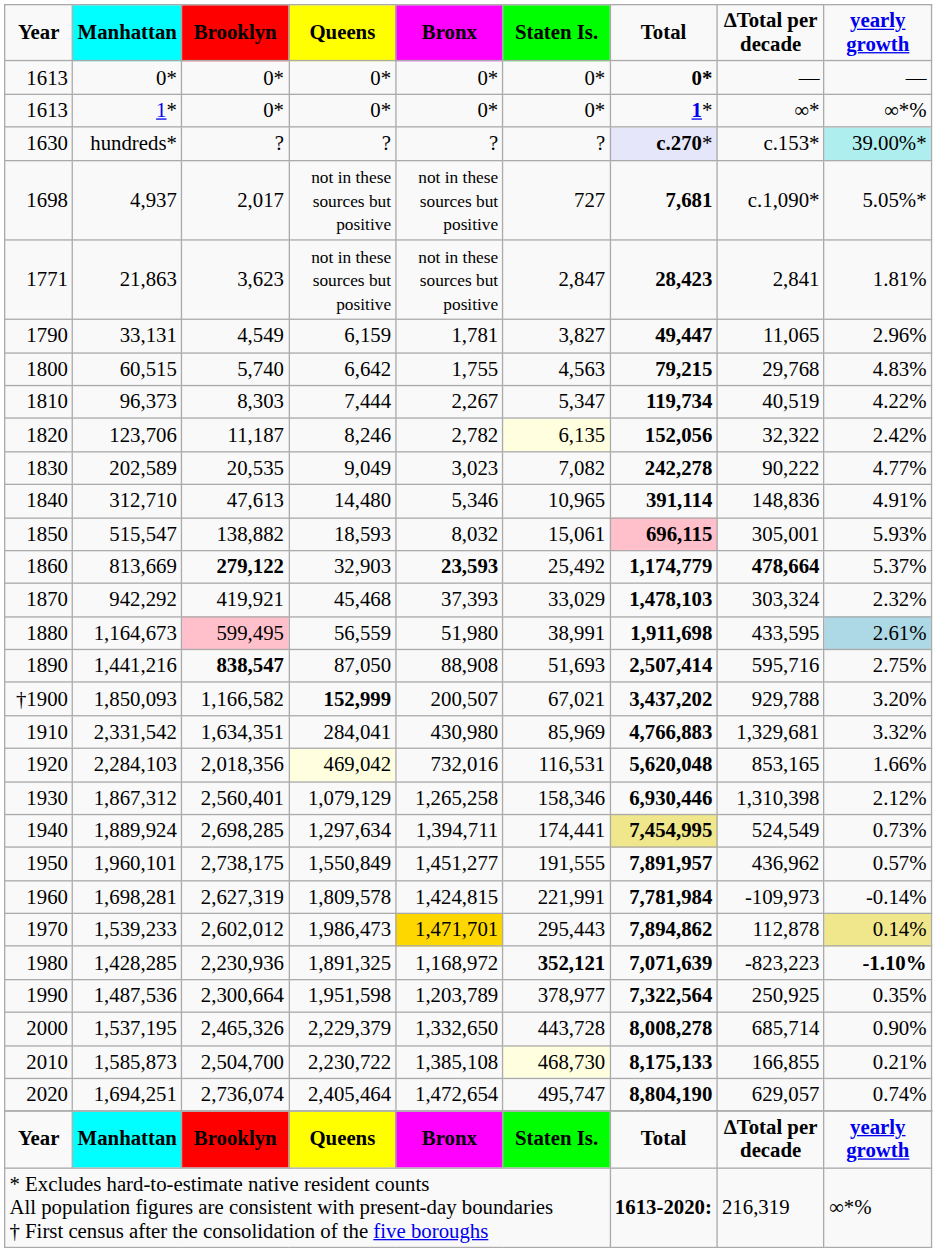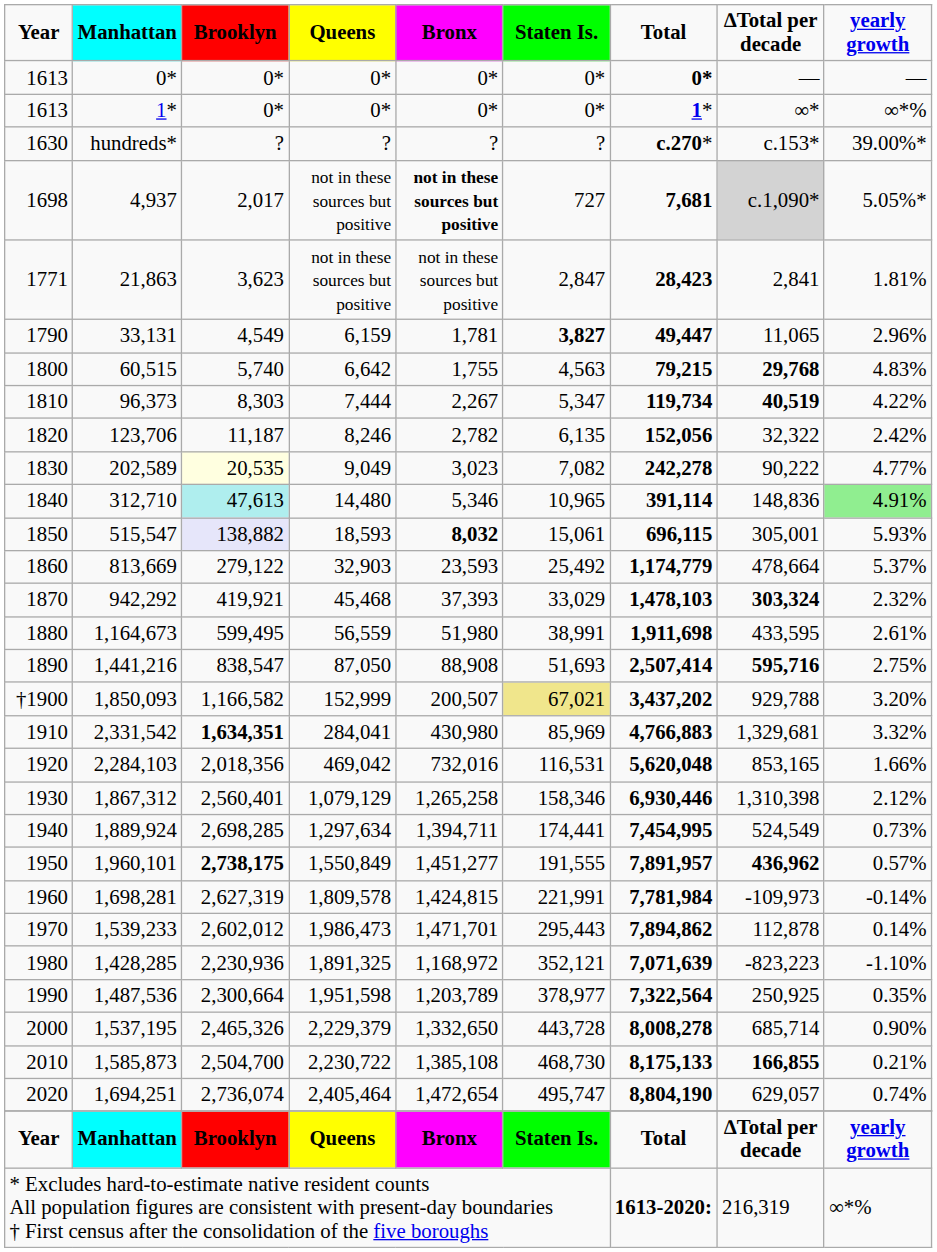 <table class="wikitable">
 <tr style="text-align:center;">
 <td style="width:45px"><strong>Year</strong></td>
 <td style="width:75px; background:aqua"><strong>Manhattan</strong></td>
 <td style="width:75px; background:red"><strong>Brooklyn</strong></td>
 <td style="width:75px; background:yellow"><strong>Queens</strong><small></small></td>
 <td style="width:75px; background:magenta"><strong>Bronx</strong><small></small></td>
 <td style="width:75px; background:lime"><strong>Staten Is.</strong></td>
 <td style="width:75px;"><strong>Total</strong></td>
 <td style="width:75px"><strong>∆Total per decade</strong></td>
 <td style="width:75px"><strong><a href='#'>yearly</a> <a href='#'>growth</a></strong></td>
 </tr>
 <tr style="text-align:right;">
 <td>1613</td>
 <td>0*</td>
 <td>0*</td>
 <td>0*</td>
 <td>0*</td>
 <td>0*</td>
 <td><strong>0*</strong></td>
 <td>—</td>
 <td>—</td>
 </tr>
 <tr style="text-align:right;">
 <td>1613</td>
 <td><a href='#'>1</a>*</td>
 <td>0*</td>
 <td>0*</td>
 <td>0*</td>
 <td>0*</td>
 <td><strong><a href='#'>1</a></strong>*</td>
 <td>∞*</td>
 <td>∞*%</td>
 </tr>
 <tr style="text-align:right;">
 <td>1630</td>
 <td>hundreds*</td>
 <td>?</td>
 <td>?</td>
 <td>?</td>
 <td>?</td>
-<td style="background: lavender;"><strong>c.270</strong>*</td>
+<td><strong>c.270</strong>*</td>
 <td>c.153*</td>
-<td style="background: paleturquoise;">39.00%*</td>
+<td>39.00%*</td>
 </tr>
 <tr style="text-align:right;">
 <td>1698</td>
 <td>4,937</td>
 <td>2,017</td>
 <td><small>not in these sources but positive</small></td>
-<td><small>not in these sources but positive</small></td>
+<td><strong><small>not in these sources but positive</small></strong></td>
 <td>727</td>
 <td><strong>7,681</strong></td>
-<td>c.1,090*</td>
+<td style="background: lightgrey;">c.1,090*</td>
 <td>5.05%*</td>
 </tr>
 <tr style="text-align:right;">
 <td>1771</td>
 <td>21,863</td>
 <td>3,623</td>
 <td><small>not in these sources but positive</small></td>
 <td><small>not in these sources but positive</small></td>
 <td>2,847</td>
 <td><strong>28,423</strong></td>
 <td>2,841</td>
 <td>1.81%</td>
 </tr>
 <tr style="text-align:right;">
 <td>1790</td>
 <td>33,131</td>
 <td>4,549</td>
 <td>6,159</td>
 <td>1,781</td>
-<td>3,827</td>
+<td><strong>3,827</strong></td>
 <td><strong>49,447</strong></td>
 <td>11,065</td>
 <td>2.96%</td>
 </tr>
 <tr style="text-align:right;">
 <td>1800</td>
 <td>60,515</td>
 <td>5,740</td>
 <td>6,642</td>
 <td>1,755</td>
 <td>4,563</td>
 <td><strong>79,215</strong></td>
-<td>29,768</td>
+<td><strong>29,768</strong></td>
 <td>4.83%</td>
 </tr>
 <tr style="text-align:right;">
 <td>1810</td>
 <td>96,373</td>
 <td>8,303</td>
 <td>7,444</td>
 <td>2,267</td>
 <td>5,347</td>
 <td><strong>119,734</strong></td>
-<td>40,519</td>
+<td><strong>40,519</strong></td>
 <td>4.22%</td>
 </tr>
 <tr style="text-align:right;">
 <td>1820</td>
 <td>123,706</td>
 <td>11,187</td>
 <td>8,246</td>
 <td>2,782</td>
-<td style="background: lightyellow;">6,135</td>
+<td>6,135</td>
 <td><strong>152,056</strong></td>
 <td>32,322</td>
 <td>2.42%</td>
 </tr>
 <tr style="text-align:right;">
 <td>1830</td>
 <td>202,589</td>
-<td>20,535</td>
+<td style="background: lightyellow;">20,535</td>
 <td>9,049</td>
 <td>3,023</td>
 <td>7,082</td>
 <td><strong>242,278</strong></td>
 <td>90,222</td>
 <td>4.77%</td>
 </tr>
 <tr style="text-align:right;">
 <td>1840</td>
 <td>312,710</td>
-<td>47,613</td>
+<td style="background: paleturquoise;">47,613</td>
 <td>14,480</td>
 <td>5,346</td>
 <td>10,965</td>
 <td><strong>391,114</strong></td>
 <td>148,836</td>
-<td>4.91%</td>
+<td style="background: lightgreen;">4.91%</td>
 </tr>
 <tr style="text-align:right;">
 <td>1850</td>
 <td>515,547</td>
-<td>138,882</td>
+<td style="background: lavender;">138,882</td>
 <td>18,593</td>
-<td>8,032</td>
+<td><strong>8,032</strong></td>
 <td>15,061</td>
-<td style="background: pink;"><strong>696,115</strong></td>
+<td><strong>696,115</strong></td>
 <td>305,001</td>
 <td>5.93%</td>
 </tr>
 <tr style="text-align:right;">
 <td>1860</td>
 <td>813,669</td>
-<td><strong>279,122</strong></td>
+<td>279,122</td>
 <td>32,903</td>
-<td><strong>23,593</strong></td>
+<td>23,593</td>
 <td>25,492</td>
 <td><strong>1,174,779</strong></td>
-<td><strong>478,664</strong></td>
+<td>478,664</td>
 <td>5.37%</td>
 </tr>
 <tr style="text-align:right;">
 <td>1870</td>
 <td>942,292</td>
 <td>419,921</td>
 <td>45,468</td>
 <td>37,393</td>
 <td>33,029</td>
 <td><strong>1,478,103</strong></td>
-<td>303,324</td>
+<td><strong>303,324</strong></td>
 <td>2.32%</td>
 </tr>
 <tr style="text-align:right;">
 <td>1880</td>
 <td>1,164,673</td>
-<td style="background: pink;">599,495</td>
+<td>599,495</td>
 <td>56,559</td>
 <td>51,980</td>
 <td>38,991</td>
 <td><strong>1,911,698</strong></td>
 <td>433,595</td>
-<td style="background: lightblue;">2.61%</td>
+<td>2.61%</td>
 </tr>
 <tr style="text-align:right;">
 <td>1890</td>
 <td>1,441,216</td>
-<td><strong>838,547</strong></td>
+<td>838,547</td>
 <td>87,050</td>
 <td>88,908</td>
 <td>51,693</td>
 <td><strong>2,507,414</strong></td>
-<td>595,716</td>
+<td><strong>595,716</strong></td>
 <td>2.75%</td>
 </tr>
 <tr style="text-align:right;">
 <td>†1900</td>
 <td>1,850,093</td>
 <td>1,166,582</td>
-<td><strong>152,999</strong></td>
+<td>152,999</td>
 <td>200,507</td>
-<td>67,021</td>
+<td style="background: khaki;">67,021</td>
 <td><strong>3,437,202</strong></td>
 <td>929,788</td>
 <td>3.20%</td>
 </tr>
 <tr style="text-align:right;">
 <td>1910</td>
 <td>2,331,542</td>
-<td>1,634,351</td>
+<td><strong>1,634,351</strong></td>
 <td>284,041</td>
 <td>430,980</td>
 <td>85,969</td>
 <td><strong>4,766,883</strong></td>
 <td>1,329,681</td>
 <td>3.32%</td>
 </tr>
 <tr style="text-align:right;">
 <td>1920</td>
 <td>2,284,103</td>
 <td>2,018,356</td>
-<td style="background: lightyellow;">469,042</td>
+<td>469,042</td>
 <td>732,016</td>
 <td>116,531</td>
 <td><strong>5,620,048</strong></td>
 <td>853,165</td>
 <td>1.66%</td>
 </tr>
 <tr style="text-align:right;">
 <td>1930</td>
 <td>1,867,312</td>
 <td>2,560,401</td>
 <td>1,079,129</td>
 <td>1,265,258</td>
 <td>158,346</td>
 <td><strong>6,930,446</strong></td>
 <td>1,310,398</td>
 <td>2.12%</td>
 </tr>
 <tr style="text-align:right;">
 <td>1940</td>
 <td>1,889,924</td>
 <td>2,698,285</td>
 <td>1,297,634</td>
 <td>1,394,711</td>
 <td>174,441</td>
-<td style="background: khaki;"><strong>7,454,995</strong></td>
+<td><strong>7,454,995</strong></td>
 <td>524,549</td>
 <td>0.73%</td>
 </tr>
 <tr style="text-align:right;">
 <td>1950</td>
 <td>1,960,101</td>
-<td>2,738,175</td>
+<td><strong>2,738,175</strong></td>
 <td>1,550,849</td>
 <td>1,451,277</td>
 <td>191,555</td>
 <td><strong>7,891,957</strong></td>
-<td>436,962</td>
+<td><strong>436,962</strong></td>
 <td>0.57%</td>
 </tr>
 <tr style="text-align:right;">
 <td>1960</td>
 <td>1,698,281</td>
 <td>2,627,319</td>
 <td>1,809,578</td>
 <td>1,424,815</td>
 <td>221,991</td>
 <td><strong>7,781,984</strong></td>
 <td>-109,973</td>
 <td>-0.14%</td>
 </tr>
 <tr style="text-align:right;">
 <td>1970</td>
 <td>1,539,233</td>
 <td>2,602,012</td>
 <td>1,986,473</td>
-<td style="background: gold;">1,471,701</td>
+<td>1,471,701</td>
 <td>295,443</td>
 <td><strong>7,894,862</strong></td>
 <td>112,878</td>
-<td style="background: khaki;">0.14%</td>
+<td>0.14%</td>
 </tr>
 <tr style="text-align:right;">
 <td>1980</td>
 <td>1,428,285</td>
 <td>2,230,936</td>
 <td>1,891,325</td>
 <td>1,168,972</td>
-<td><strong>352,121</strong></td>
+<td>352,121</td>
 <td><strong>7,071,639</strong></td>
 <td>-823,223</td>
-<td><strong>-1.10%</strong></td>
+<td>-1.10%</td>
 </tr>
 <tr style="text-align:right;">
 <td>1990</td>
 <td>1,487,536</td>
 <td>2,300,664</td>
 <td>1,951,598</td>
 <td>1,203,789</td>
 <td>378,977</td>
 <td><strong>7,322,564</strong></td>
 <td>250,925</td>
 <td>0.35%</td>
 </tr>
 <tr style="text-align:right;">
 <td>2000</td>
 <td>1,537,195</td>
 <td>2,465,326</td>
 <td>2,229,379</td>
 <td>1,332,650</td>
 <td>443,728</td>
 <td><strong>8,008,278</strong></td>
 <td>685,714</td>
 <td>0.90%</td>
 </tr>
 <tr style="text-align:right;">
 <td>2010</td>
 <td>1,585,873</td>
 <td>2,504,700</td>
 <td>2,230,722</td>
 <td>1,385,108</td>
-<td style="background: lightyellow;">468,730</td>
+<td>468,730</td>
 <td><strong>8,175,133</strong></td>
-<td>166,855</td>
+<td><strong>166,855</strong></td>
 <td>0.21%</td>
 </tr>
 <tr style="text-align:right;">
 <td>2020</td>
 <td>1,694,251</td>
 <td>2,736,074</td>
 <td>2,405,464</td>
 <td>1,472,654</td>
 <td>495,747</td>
 <td><strong>8,804,190</strong></td>
 <td>629,057</td>
 <td>0.74%</td>
 </tr>
 <tr style="text-align:right;">
 </tr>
 <tr style="text-align:center;">
 <td style="width:45px"><strong>Year</strong></td>
 <td style="width:75px; background:aqua"><strong>Manhattan</strong></td>
 <td style="width:75px; background:red"><strong>Brooklyn</strong></td>
 <td style="width:75px; background:yellow"><strong>Queens</strong><small></small></td>
 <td style="width:75px; background:magenta"><strong>Bronx</strong><small></small></td>
 <td style="width:75px; background:lime"><strong>Staten Is.</strong></td>
 <td style="width:75px"><strong>Total</strong></td>
 <td style="width:75px"><strong>∆Total per decade</strong></td>
 <td style="width:75px"><strong><a href='#'>yearly</a> <a href='#'>growth</a></strong></td>
 </tr>
 <tr>
 <td colspan="6">* Excludes hard-to-estimate native resident counts<br>All population figures are consistent with present-day boundaries<br>† First census after the consolidation of the <a href='#'>five boroughs</a></td>
 <td><strong>1613-2020:</strong></td>
 <td>216,319</td>
 <td>∞*%</td>
 </tr>
 </table>
